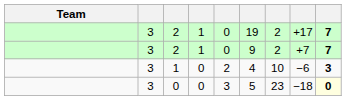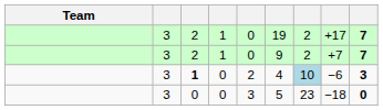 <table class="wikitable" style="text-align: center; font-size:90% ">
 <tr>
 <th width=160>Team</th>
 <th width=25></th>
 <th width=25></th>
 <th width=25></th>
 <th width=25></th>
 <th width=25></th>
 <th width=25></th>
 <th width=25></th>
 <th width=25></th>
 </tr>
 <tr bgcolor="ccffcc">
 <td align=left></td>
 <td>3</td>
 <td>2</td>
 <td>1</td>
 <td>0</td>
 <td>19</td>
 <td>2</td>
 <td>+17</td>
 <td><strong>7</strong></td>
 </tr>
 <tr bgcolor="ccffcc">
 <td align=left></td>
 <td>3</td>
 <td>2</td>
 <td>1</td>
 <td>0</td>
 <td>9</td>
 <td>2</td>
 <td>+7</td>
 <td><strong>7</strong></td>
 </tr>
 <tr>
 <td align=left></td>
 <td>3</td>
-<td>1</td>
+<td><strong>1</strong></td>
 <td>0</td>
 <td>2</td>
 <td>4</td>
-<td>10</td>
+<td style="background: lightblue;">10</td>
 <td>−6</td>
 <td><strong>3</strong></td>
 </tr>
 <tr>
 <td align=left></td>
 <td>3</td>
 <td>0</td>
 <td>0</td>
 <td>3</td>
 <td>5</td>
 <td>23</td>
 <td>−18</td>
-<td style="background: lightyellow;"><strong>0</strong></td>
+<td><strong>0</strong></td>
 </tr>
 </table>
